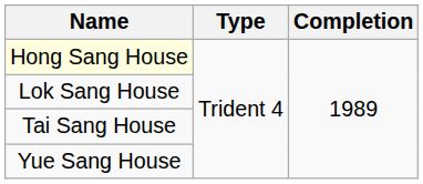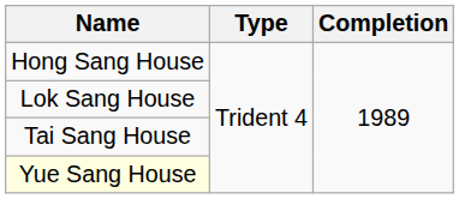 <table class="wikitable" style="text-align: center">
 <tr>
 <th>Name</th>
 <th>Type</th>
 <th>Completion</th>
 </tr>
 <tr>
-<td style="background: lightyellow;">Hong Sang House</td>
+<td>Hong Sang House</td>
 <td rowspan="4">Trident 4</td>
 <td rowspan="4">1989</td>
 </tr>
 <tr>
 <td>Lok Sang House</td>
 </tr>
 <tr>
 <td>Tai Sang House</td>
 </tr>
 <tr>
-<td>Yue Sang House</td>
+<td style="background: lightyellow;">Yue Sang House</td>
 </tr>
 </table>
